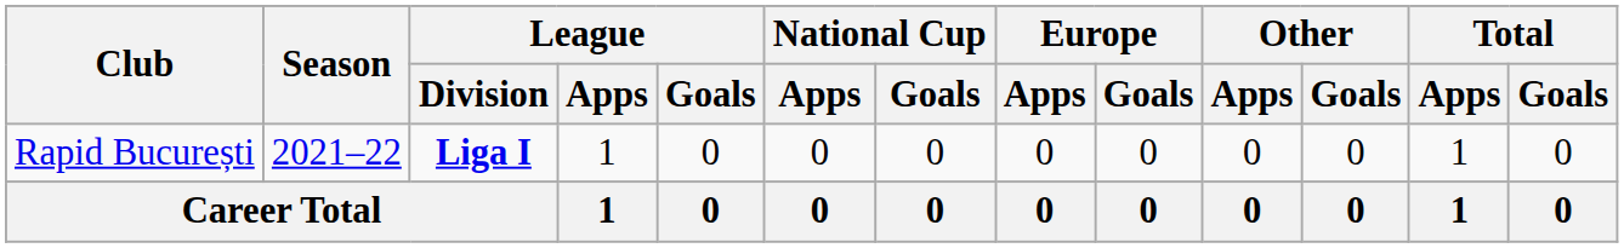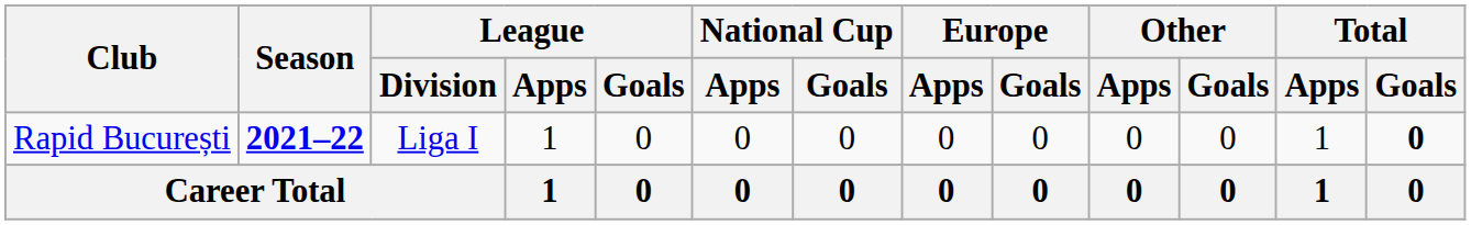 <table class=wikitable style=text-align:center>
 <tr>
 <th rowspan=2>Club</th>
 <th rowspan=2>Season</th>
 <th colspan=3>League</th>
 <th colspan=2>National Cup</th>
 <th colspan=2>Europe</th>
 <th colspan=2>Other</th>
 <th colspan=2>Total</th>
 </tr>
 <tr>
 <th>Division</th>
 <th>Apps</th>
 <th>Goals</th>
 <th>Apps</th>
 <th>Goals</th>
 <th>Apps</th>
 <th>Goals</th>
 <th>Apps</th>
 <th>Goals</th>
 <th>Apps</th>
 <th>Goals</th>
 </tr>
 <tr>
 <td rowspan="1"><a href='#'>Rapid București</a></td>
-<td><a href='#'>2021–22</a></td>
-<td rowspan="1"><strong><a href='#'>Liga I</a></strong></td>
+<td><strong><a href='#'>2021–22</a></strong></td>
+<td rowspan="1"><a href='#'>Liga I</a></td>
 <td>1</td>
 <td>0</td>
 <td>0</td>
 <td>0</td>
 <td>0</td>
 <td>0</td>
 <td>0</td>
 <td>0</td>
 <td>1</td>
-<td>0</td>
+<td><strong>0</strong></td>
 </tr>
 <tr>
 <th colspan="3">Career Total</th>
 <th>1</th>
 <th>0</th>
 <th>0</th>
 <th>0</th>
 <th>0</th>
 <th>0</th>
 <th>0</th>
 <th>0</th>
 <th>1</th>
 <th>0</th>
 </tr>
 </table>
